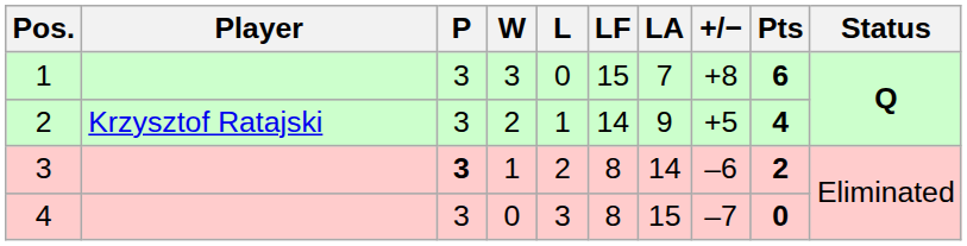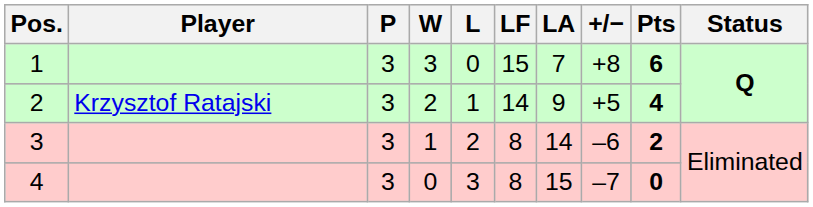 <table class="wikitable" style="text-align:center; margin: 1em auto 1em auto, align:left">
 <tr>
 <th width=20>Pos.</th>
 <th width=185>Player</th>
 <th width=20>P</th>
 <th width=20>W</th>
 <th width=20>L</th>
 <th width=20>LF</th>
 <th width=20>LA</th>
 <th width=25>+/−</th>
 <th width=20>Pts</th>
 <th width=70>Status</th>
 </tr>
 <tr style="background:#CCFFCC;">
 <td>1</td>
 <td align=left></td>
 <td>3</td>
 <td>3</td>
 <td>0</td>
 <td>15</td>
 <td>7</td>
 <td>+8</td>
 <td><strong>6</strong></td>
 <td rowspan=2><strong>Q</strong></td>
 </tr>
 <tr style="background:#CCFFCC;">
 <td>2</td>
 <td align=left> <a href='#'>Krzysztof Ratajski</a></td>
 <td>3</td>
 <td>2</td>
 <td>1</td>
 <td>14</td>
 <td>9</td>
 <td>+5</td>
 <td><strong>4</strong></td>
 </tr>
 <tr style="background:#FFCCCC;">
 <td>3</td>
 <td align=left></td>
-<td><strong>3</strong></td>
+<td>3</td>
 <td>1</td>
 <td>2</td>
 <td>8</td>
 <td>14</td>
 <td>–6</td>
 <td><strong>2</strong></td>
 <td rowspan=2>Eliminated</td>
 </tr>
 <tr style="background:#FFCCCC;">
 <td>4</td>
 <td align=left></td>
 <td>3</td>
 <td>0</td>
 <td>3</td>
 <td>8</td>
 <td>15</td>
 <td>–7</td>
 <td><strong>0</strong></td>
 </tr>
 </table>
